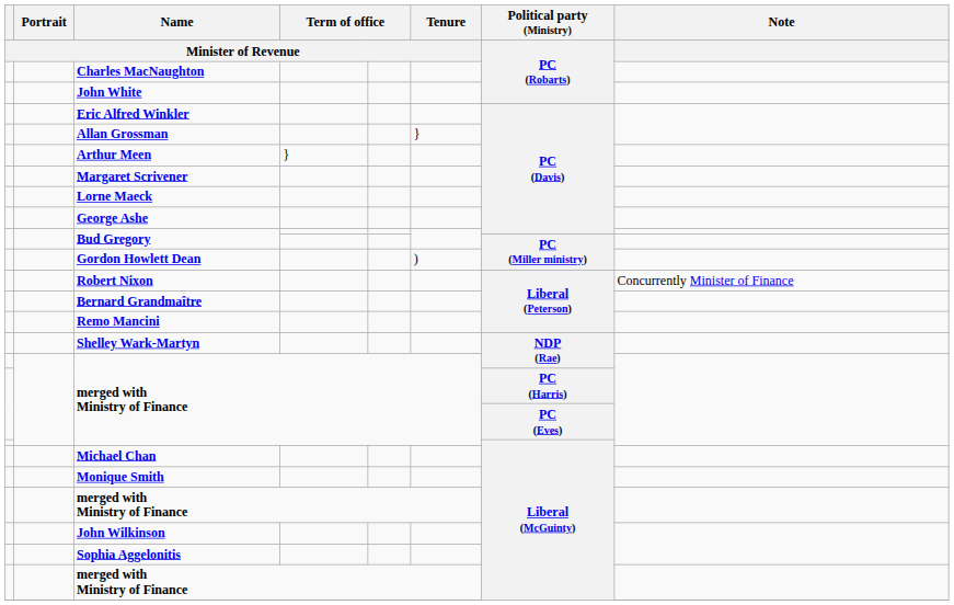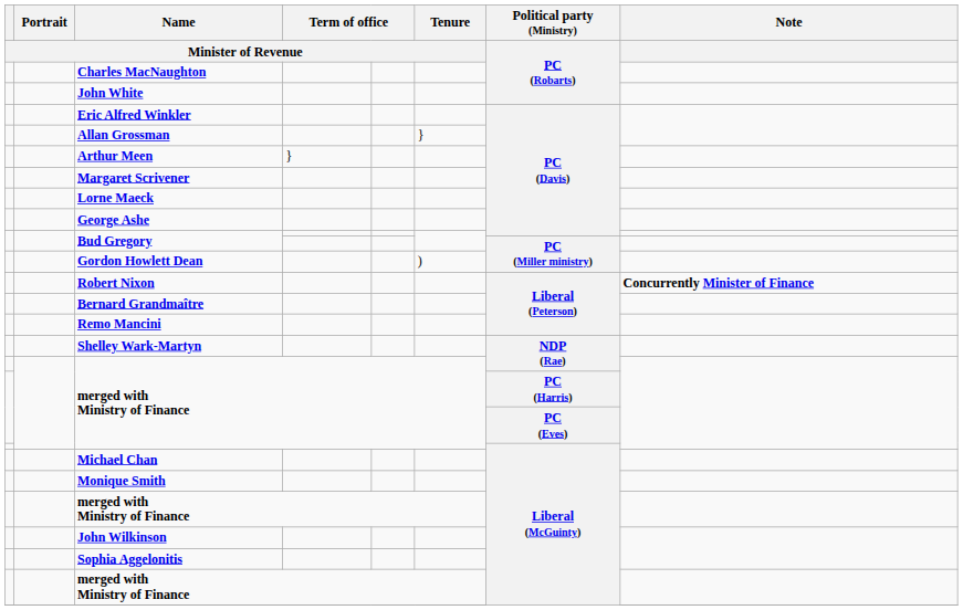 <table class="wikitable" style="width: 91%">
 <tr>
 <th></th>
 <th style="width: 65px;">Portrait</th>
 <th>Name</th>
 <th colspan=2>Term of office</th>
 <th>Tenure</th>
 <th>Political party<br><small>(Ministry)</small></th>
 <th style="width: 400px;">Note</th>
 </tr>
 <tr>
 <th colspan=6>Minister of Revenue</th>
 <th rowspan=3; style="background:"><a href='#'>PC</a><br><small>(<a href='#'>Robarts</a>)</small></th>
 <th></th>
 </tr>
 <tr>
 <td style="background:"></td>
 <td></td>
 <td><strong><a href='#'>Charles MacNaughton</a></strong></td>
 <td></td>
 <td></td>
 <td></td>
 <td></td>
 </tr>
 <tr>
 <td style="background:"></td>
 <td></td>
 <td><strong><a href='#'>John White</a></strong></td>
 <td></td>
 <td></td>
 <td></td>
 <td></td>
 </tr>
 <tr>
 <td style="background:"></td>
 <td></td>
 <td><strong><a href='#'>Eric Alfred Winkler</a></strong></td>
 <td></td>
 <td></td>
 <td></td>
 <th rowspan=7; style="background:"><a href='#'>PC</a><br><small>(<a href='#'>Davis</a>)</small></th>
 </tr>
 <tr>
 <td style="background:"></td>
 <td></td>
 <td><strong><a href='#'>Allan Grossman</a></strong></td>
 <td></td>
 <td></td>
 <td>}</td>
 </tr>
 <tr>
 <td style="background:"></td>
 <td></td>
 <td><strong><a href='#'>Arthur Meen</a></strong></td>
 <td>}</td>
 <td></td>
 <td></td>
 <td></td>
 </tr>
 <tr>
 <td style="background:"></td>
 <td></td>
 <td><strong><a href='#'>Margaret Scrivener</a></strong></td>
 <td></td>
 <td></td>
 <td></td>
 <td></td>
 </tr>
 <tr>
 <td style="background:"></td>
 <td></td>
 <td><strong><a href='#'>Lorne Maeck</a></strong></td>
 <td></td>
 <td></td>
 <td></td>
 <td></td>
 </tr>
 <tr>
 <td style="background:"></td>
 <td></td>
 <td><strong><a href='#'>George Ashe</a></strong></td>
 <td></td>
 <td></td>
 <td></td>
 <td></td>
 </tr>
 <tr>
 <td rowspan=2; style="background:"></td>
 <td rowspan=2></td>
 <td rowspan=2><strong><a href='#'>Bud Gregory</a></strong></td>
 <td></td>
 <td></td>
 <td rowspan=2></td>
 </tr>
 <tr>
 <td></td>
 <td></td>
 <th rowspan=2; style="background:"><a href='#'>PC</a><br><small>(<a href='#'>Miller ministry</a>)</small></th>
 <td></td>
 </tr>
 <tr>
 <td style="background:"></td>
 <td></td>
 <td><strong><a href='#'>Gordon Howlett Dean</a></strong></td>
 <td></td>
 <td></td>
 <td>)</td>
 <td></td>
 </tr>
 <tr>
 <td style="background:"></td>
 <td></td>
 <td><strong><a href='#'>Robert Nixon</a></strong></td>
 <td></td>
 <td></td>
 <td></td>
 <th rowspan=3; style="background:"><a href='#'>Liberal</a><br><small>(<a href='#'>Peterson</a>)</small></th>
-<td>Concurrently <a href='#'>Minister of Finance</a></td>
+<td><strong>Concurrently <a href='#'>Minister of Finance</a></strong></td>
 </tr>
 <tr>
 <td style="background:"></td>
 <td></td>
 <td><strong><a href='#'>Bernard Grandmaître </a></strong></td>
 <td></td>
 <td></td>
 <td></td>
 <td></td>
 </tr>
 <tr>
 <td style="background:"></td>
 <td></td>
 <td><strong><a href='#'>Remo Mancini</a></strong></td>
 <td></td>
 <td></td>
 <td></td>
 <td></td>
 </tr>
 <tr>
 <td style="background:"></td>
 <td></td>
 <td><strong><a href='#'>Shelley Wark-Martyn</a></strong></td>
 <td></td>
 <td></td>
 <td></td>
 <th rowspan=2; style="background:"><a href='#'>NDP</a><br><small>(<a href='#'>Rae</a>)</small></th>
 <td></td>
 </tr>
 <tr>
 <td style="background:"></td>
 <td rowspan=4></td>
 <td rowspan=4; colspan=4><strong>merged with <br> Ministry  of Finance</strong></td>
 </tr>
 <tr>
 <td rowspan=2; style="background:"></td>
 <th rowspan=1; style="background:"><a href='#'>PC</a><br><small>(<a href='#'>Harris</a>)</small></th>
 </tr>
 <tr>
 <th style="background:"><a href='#'>PC</a><br><small>(<a href='#'>Eves</a>)</small></th>
 </tr>
 <tr>
 <td style="background:"></td>
 <th rowspan=8; style="background:"><a href='#'>Liberal</a><br><small>(<a href='#'>McGuinty</a>)</small></th>
 </tr>
 <tr>
 <td style="background:"></td>
 <td></td>
 <td><strong><a href='#'>Michael Chan</a></strong></td>
 <td></td>
 <td></td>
 <td></td>
 <td></td>
 </tr>
 <tr>
 <td style="background:"></td>
 <td></td>
 <td><strong><a href='#'>Monique Smith</a></strong></td>
 <td></td>
 <td></td>
 <td></td>
 <td></td>
 </tr>
 <tr>
 <td style="background:"></td>
 <td></td>
 <td colspan=4><strong>merged with <br> Ministry  of Finance</strong></td>
 <td></td>
 </tr>
 <tr>
 <td style="background:"></td>
 <td></td>
 <td><strong><a href='#'>John Wilkinson</a></strong></td>
 <td></td>
 <td></td>
 <td></td>
 </tr>
 <tr>
 <td style="background:"></td>
 <td></td>
 <td><strong><a href='#'>Sophia Aggelonitis</a></strong></td>
 <td></td>
 <td></td>
 <td></td>
 </tr>
 <tr>
 <td style="background:"></td>
 <td></td>
 <td colspan=4><strong>merged with <br> Ministry  of Finance</strong></td>
 <td></td>
 </tr>
 <tr>
 </tr>
 </table>
